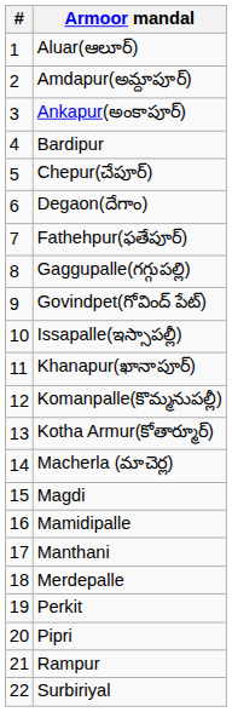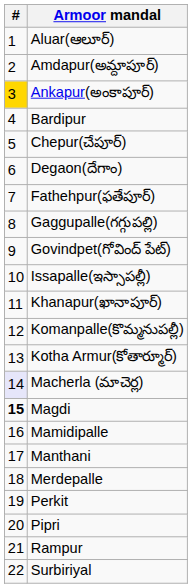 <table class="wikitable">
 <tr>
 <th>#</th>
 <th><a href='#'>Armoor</a> mandal</th>
 </tr>
 <tr>
 <td>1</td>
 <td>Aluar(ఆలూర్)</td>
 </tr>
 <tr>
 <td>2</td>
 <td>Amdapur(అమ్దాపూర్)</td>
 </tr>
 <tr>
-<td>3</td>
+<td style="background: gold;">3</td>
 <td><a href='#'>Ankapur</a>(అంకాపూర్)</td>
 </tr>
 <tr>
 <td>4</td>
 <td>Bardipur</td>
 </tr>
 <tr>
 <td>5</td>
 <td>Chepur(చేపూర్)</td>
 </tr>
 <tr>
 <td>6</td>
 <td>Degaon(దేగాం)</td>
 </tr>
 <tr>
 <td>7</td>
 <td>Fathehpur(ఫతేపూర్)</td>
 </tr>
 <tr>
 <td>8</td>
 <td>Gaggupalle(గగ్గుపల్లి)</td>
 </tr>
 <tr>
 <td>9</td>
 <td>Govindpet(గోవింద్ పేట్)</td>
 </tr>
 <tr>
 <td>10</td>
 <td>Issapalle(ఇస్సాపల్లీ)</td>
 </tr>
 <tr>
 <td>11</td>
 <td>Khanapur(ఖానాపూర్)</td>
 </tr>
 <tr>
 <td>12</td>
 <td>Komanpalle(కొమ్మనుపల్లీ)</td>
 </tr>
 <tr>
 <td>13</td>
 <td>Kotha Armur(కోతార్మూర్)</td>
 </tr>
 <tr>
-<td>14</td>
+<td style="background: lavender;">14</td>
 <td>Macherla (మాచెర్ల)</td>
 </tr>
 <tr>
-<td>15</td>
+<td><strong>15</strong></td>
 <td>Magdi</td>
 </tr>
 <tr>
 <td>16</td>
 <td>Mamidipalle</td>
 </tr>
 <tr>
 <td>17</td>
 <td>Manthani</td>
 </tr>
 <tr>
 <td>18</td>
 <td>Merdepalle</td>
 </tr>
 <tr>
 <td>19</td>
 <td>Perkit</td>
 </tr>
 <tr>
 <td>20</td>
 <td>Pipri</td>
 </tr>
 <tr>
 <td>21</td>
 <td>Rampur</td>
 </tr>
 <tr>
 <td>22</td>
 <td>Surbiriyal</td>
 </tr>
 </table>
